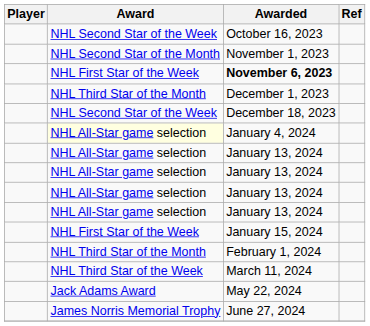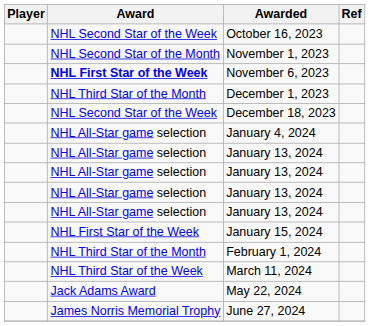 <table class="wikitable sortable">
 <tr>
 <th>Player</th>
 <th>Award</th>
 <th data-sort-type="date">Awarded</th>
 <th>Ref</th>
 </tr>
 <tr>
 <td></td>
 <td><a href='#'>NHL Second Star of the Week</a></td>
 <td>October 16, 2023</td>
 <td></td>
 </tr>
 <tr>
 <td></td>
 <td><a href='#'>NHL Second Star of the Month</a></td>
 <td>November 1, 2023</td>
 <td></td>
 </tr>
 <tr>
 <td></td>
-<td><a href='#'>NHL First Star of the Week</a></td>
-<td><strong>November 6, 2023</strong></td>
+<td><strong><a href='#'>NHL First Star of the Week</a></strong></td>
+<td>November 6, 2023</td>
 <td></td>
 </tr>
 <tr>
 <td></td>
 <td><a href='#'>NHL Third Star of the Month</a></td>
 <td>December 1, 2023</td>
 <td></td>
 </tr>
 <tr>
 <td></td>
 <td><a href='#'>NHL Second Star of the Week</a></td>
 <td>December 18, 2023</td>
 <td></td>
 </tr>
 <tr>
 <td></td>
-<td style="background: lightyellow;"><a href='#'>NHL All-Star game</a> selection</td>
+<td><a href='#'>NHL All-Star game</a> selection</td>
 <td>January 4, 2024</td>
 <td></td>
 </tr>
 <tr>
 <td></td>
 <td><a href='#'>NHL All-Star game</a> selection</td>
 <td>January 13, 2024</td>
 <td></td>
 </tr>
 <tr>
 <td></td>
 <td><a href='#'>NHL All-Star game</a> selection</td>
 <td>January 13, 2024</td>
 <td></td>
 </tr>
 <tr>
 <td></td>
 <td><a href='#'>NHL All-Star game</a> selection</td>
 <td>January 13, 2024</td>
 <td></td>
 </tr>
 <tr>
 <td></td>
 <td><a href='#'>NHL All-Star game</a> selection</td>
 <td>January 13, 2024</td>
 <td></td>
 </tr>
 <tr>
 <td></td>
 <td><a href='#'>NHL First Star of the Week</a></td>
 <td>January 15, 2024</td>
 <td></td>
 </tr>
 <tr>
 <td></td>
 <td><a href='#'>NHL Third Star of the Month</a></td>
 <td>February 1, 2024</td>
 <td></td>
 </tr>
 <tr>
 <td></td>
 <td><a href='#'>NHL Third Star of the Week</a></td>
 <td>March 11, 2024</td>
 <td></td>
 </tr>
 <tr>
 <td></td>
 <td><a href='#'>Jack Adams Award</a></td>
 <td>May 22, 2024</td>
 <td></td>
 </tr>
 <tr>
 <td></td>
 <td><a href='#'>James Norris Memorial Trophy</a></td>
 <td>June 27, 2024</td>
 <td></td>
 </tr>
 <tr>
 </tr>
 </table>
